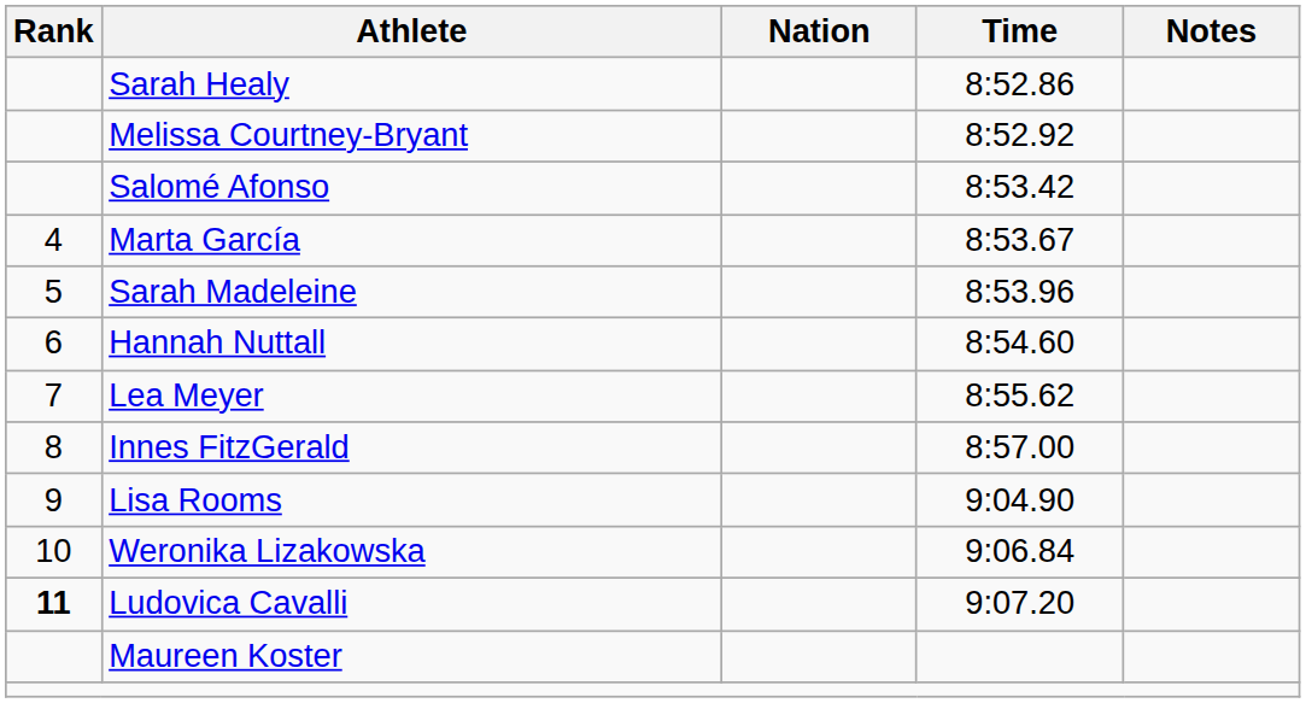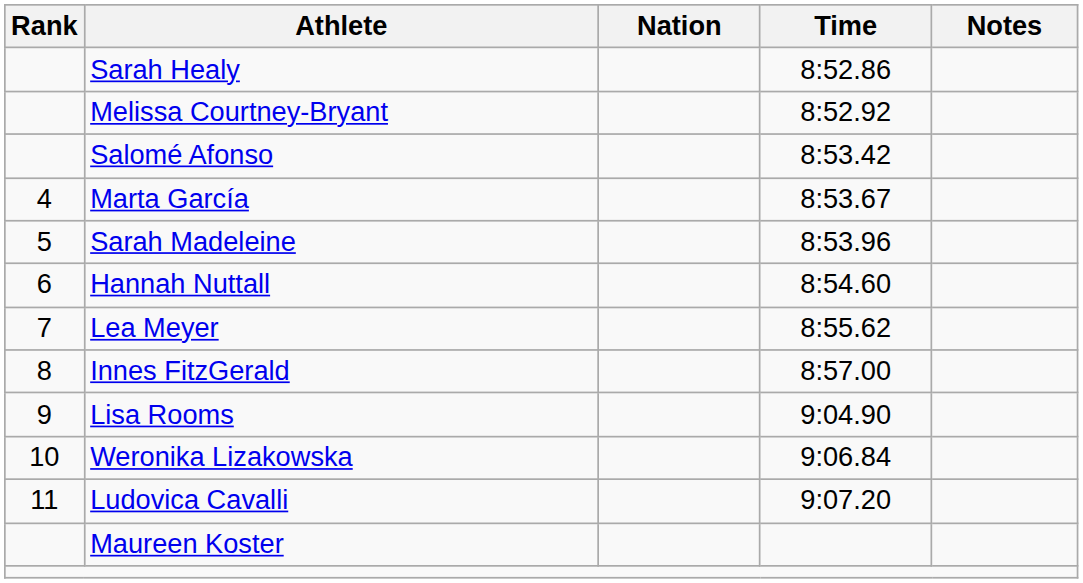 <table class="wikitable sortable" style="text-align:center;width: 50%;">
 <tr>
 <th scope="col" style="width: 10px;">Rank</th>
 <th scope="col">Athlete</th>
 <th scope="col">Nation</th>
 <th scope="col">Time</th>
 <th scope="col">Notes</th>
 </tr>
 <tr>
 <td></td>
 <td align=left><a href='#'>Sarah Healy</a></td>
 <td align=left></td>
 <td>8:52.86</td>
 <td></td>
 </tr>
 <tr>
 <td></td>
 <td align=left><a href='#'>Melissa Courtney-Bryant</a></td>
 <td align=left></td>
 <td>8:52.92</td>
 <td></td>
 </tr>
 <tr>
 <td></td>
 <td align=left><a href='#'>Salomé Afonso</a></td>
 <td align=left></td>
 <td>8:53.42</td>
 <td></td>
 </tr>
 <tr>
 <td>4</td>
 <td align=left><a href='#'>Marta García</a></td>
 <td align=left></td>
 <td>8:53.67</td>
 <td></td>
 </tr>
 <tr>
 <td>5</td>
 <td align=left><a href='#'>Sarah Madeleine</a></td>
 <td align=left></td>
 <td>8:53.96</td>
 <td></td>
 </tr>
 <tr>
 <td>6</td>
 <td align=left><a href='#'>Hannah Nuttall</a></td>
 <td align=left></td>
 <td>8:54.60</td>
 <td></td>
 </tr>
 <tr>
 <td>7</td>
 <td align=left><a href='#'>Lea Meyer</a></td>
 <td align=left></td>
 <td>8:55.62</td>
 <td></td>
 </tr>
 <tr>
 <td>8</td>
 <td align=left><a href='#'>Innes FitzGerald</a></td>
 <td align=left></td>
 <td>8:57.00</td>
 <td></td>
 </tr>
 <tr>
 <td>9</td>
 <td align=left><a href='#'>Lisa Rooms</a></td>
 <td align=left></td>
 <td>9:04.90</td>
 <td></td>
 </tr>
 <tr>
 <td>10</td>
 <td align=left><a href='#'>Weronika Lizakowska</a></td>
 <td align=left></td>
 <td>9:06.84</td>
 <td></td>
 </tr>
 <tr>
-<td><strong>11</strong></td>
+<td>11</td>
 <td align=left><a href='#'>Ludovica Cavalli</a></td>
 <td align=left></td>
 <td>9:07.20</td>
 <td></td>
 </tr>
 <tr>
 <td></td>
 <td align=left><a href='#'>Maureen Koster</a></td>
 <td align=left></td>
 <td></td>
 <td></td>
 </tr>
 <tr class="sortbottom">
 <td colspan="5"></td>
 </tr>
 </table>
